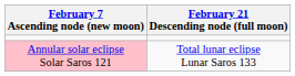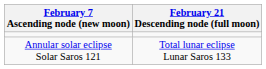 <table class="wikitable">
 <tr>
 <th><a href='#'>February 7</a><br>Ascending node (new moon)<br></th>
 <th><a href='#'>February 21</a><br>Descending node (full moon)<br></th>
 </tr>
 <tr>
 <td></td>
 <td></td>
 </tr>
 <tr align=center>
-<td style="background: pink;"><a href='#'>Annular solar eclipse</a><br>Solar Saros 121</td>
+<td><a href='#'>Annular solar eclipse</a><br>Solar Saros 121</td>
 <td><a href='#'>Total lunar eclipse</a><br>Lunar Saros 133</td>
 </tr>
 </table>
